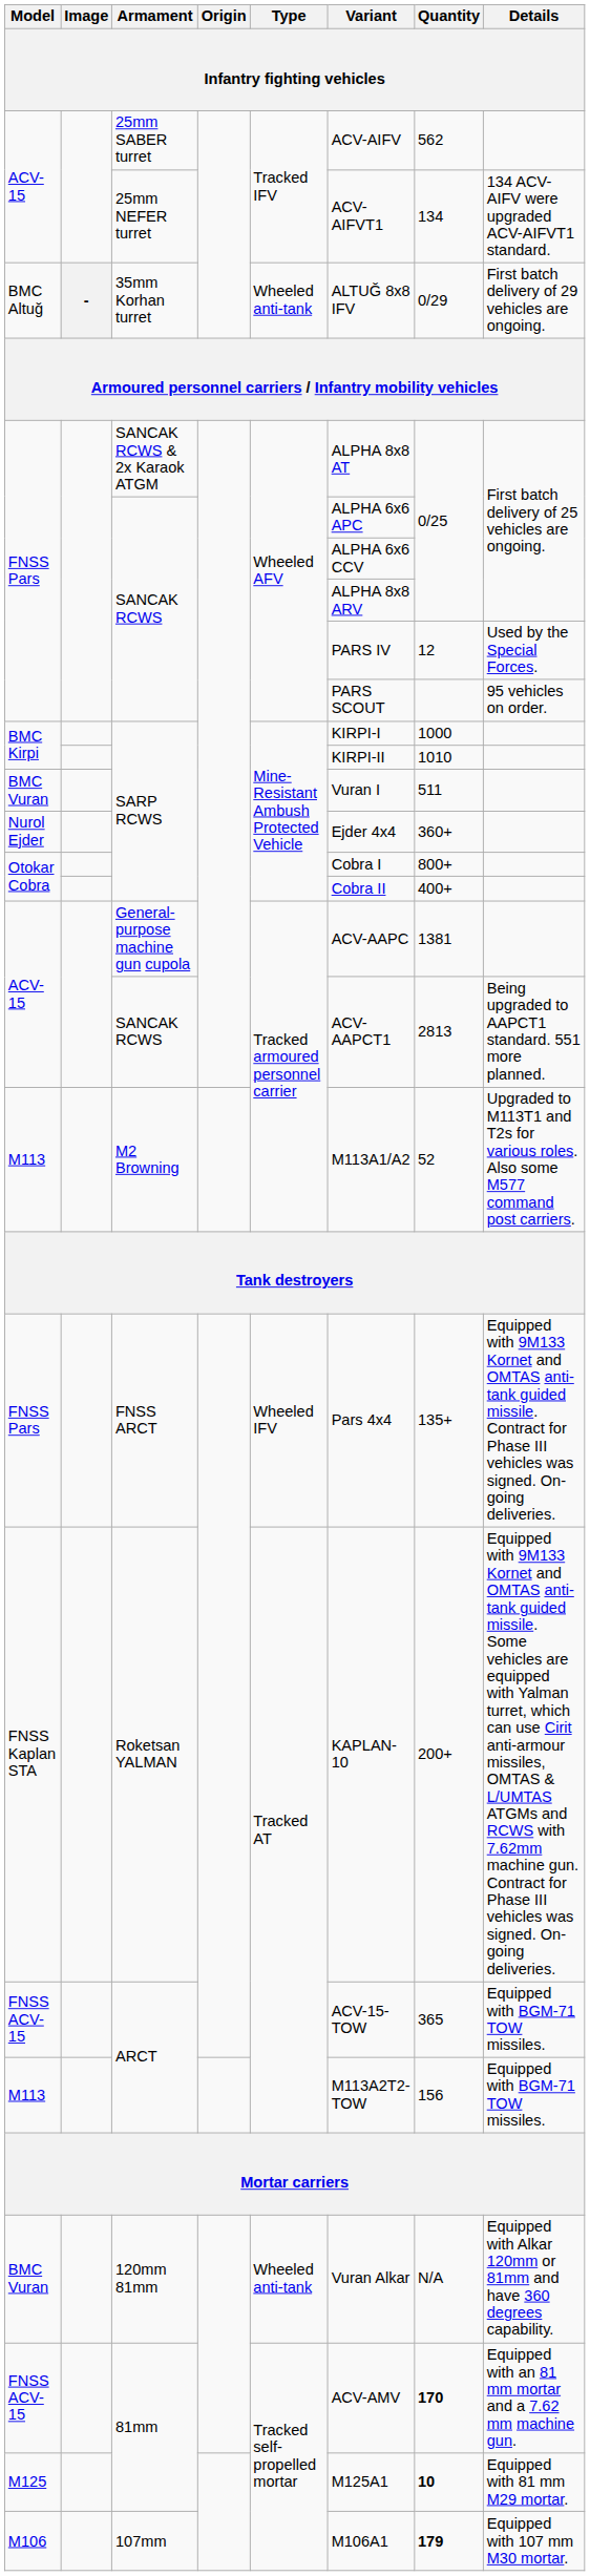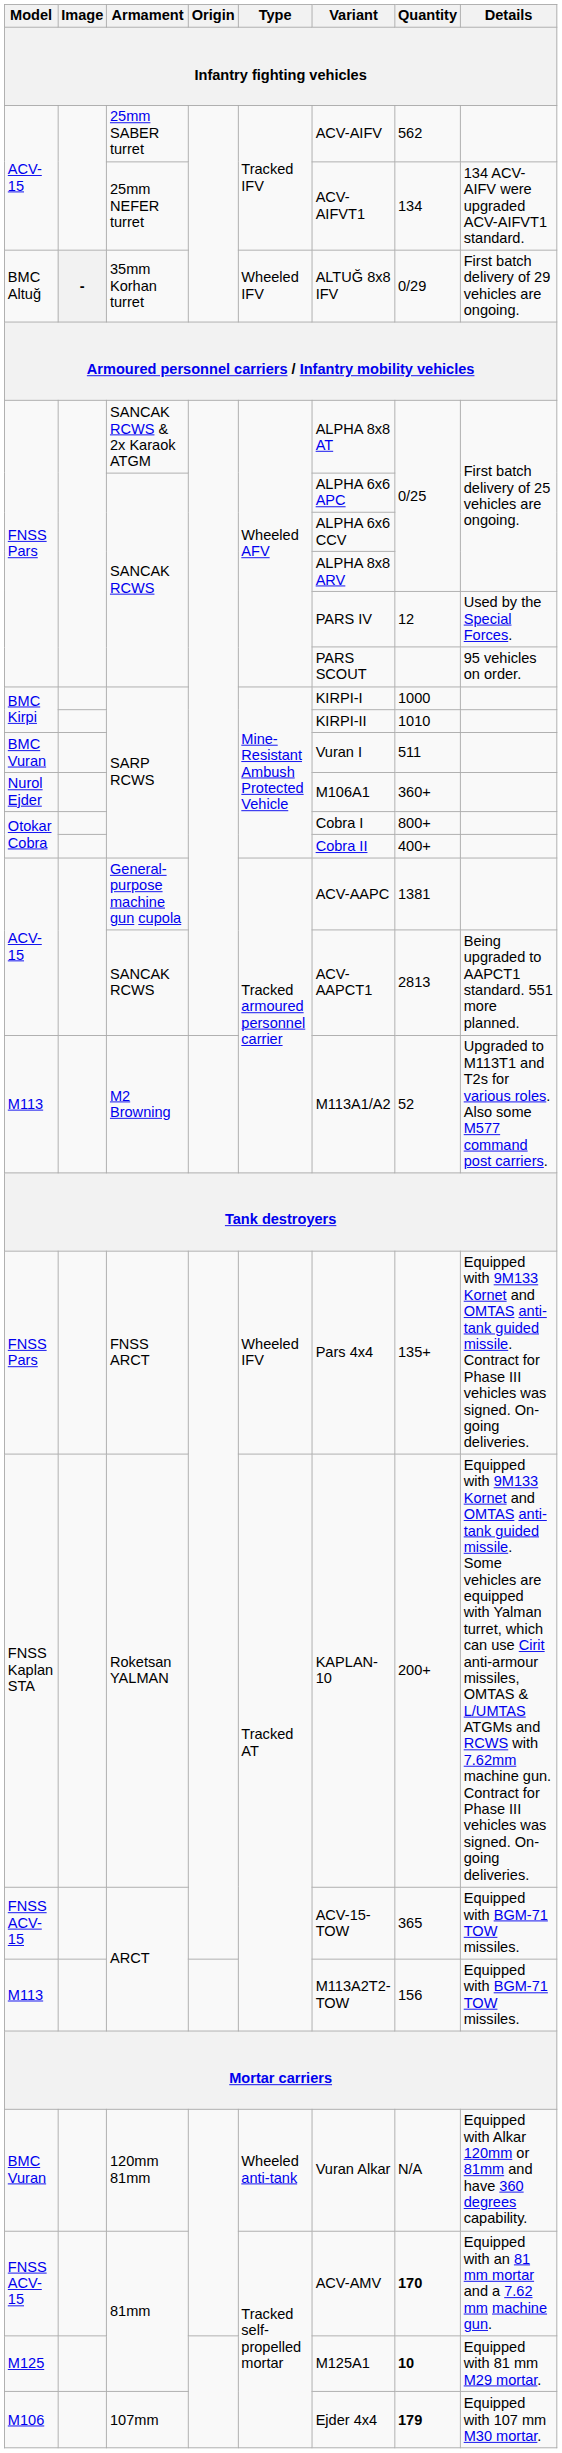 <table class="wikitable">
 <tr>
 <th>Model</th>
 <th>Image</th>
 <th>Armament</th>
 <th>Origin</th>
 <th>Type</th>
 <th>Variant</th>
 <th>Quantity</th>
 <th>Details</th>
 </tr>
 <tr>
 <th colspan="8"><br><h4>Infantry fighting vehicles</h4></th>
 </tr>
 <tr>
 <td rowspan="2"><a href='#'>ACV-15</a></td>
 <td rowspan="2"></td>
 <td><a href='#'>25mm</a> SABER turret</td>
 <td rowspan="3"></td>
 <td rowspan="2">Tracked IFV</td>
 <td>ACV-AIFV</td>
 <td>562</td>
 <td></td>
 </tr>
 <tr>
 <td>25mm NEFER turret</td>
 <td>ACV-AIFVT1</td>
 <td>134</td>
 <td>134 ACV-AIFV were upgraded ACV-AIFVT1 standard.</td>
 </tr>
 <tr>
 <td>BMC Altuğ</td>
 <th>-</th>
 <td>35mm Korhan turret</td>
-<td>Wheeled <a href='#'>anti-tank</a></td>
+<td>Wheeled IFV</td>
 <td>ALTUĞ 8x8 IFV</td>
 <td>0/29</td>
 <td>First batch delivery of 29 vehicles are ongoing.</td>
 </tr>
 <tr>
 <th colspan="8"><br><h4><a href='#'>Armoured personnel carriers</a> / <a href='#'>Infantry mobility vehicles</a></h4></th>
 </tr>
 <tr>
 <td rowspan="6"><a href='#'>FNSS Pars</a></td>
 <td rowspan="6"><br></td>
 <td>SANCAK <a href='#'>RCWS</a> & 2x Karaok ATGM</td>
 <td rowspan="14"></td>
 <td rowspan="6">Wheeled <a href='#'>AFV</a></td>
 <td>ALPHA 8x8 <a href='#'>AT</a></td>
 <td rowspan="4">0/25</td>
 <td rowspan="4">First batch delivery of 25 vehicles are ongoing.</td>
 </tr>
 <tr>
 <td rowspan="5">SANCAK <a href='#'>RCWS</a></td>
 <td>ALPHA 6x6 <a href='#'>APC</a></td>
 </tr>
 <tr>
 <td>ALPHA 6x6 CCV</td>
 </tr>
 <tr>
 <td>ALPHA 8x8 <a href='#'>ARV</a></td>
 </tr>
 <tr>
 <td>PARS IV</td>
 <td>12</td>
 <td>Used by the <a href='#'>Special Forces</a>.</td>
 </tr>
 <tr>
 <td>PARS SCOUT</td>
 <td></td>
 <td>95 vehicles on order.</td>
 </tr>
 <tr>
 <td rowspan="2"><a href='#'>BMC Kirpi</a></td>
 <td></td>
 <td rowspan="6">SARP RCWS</td>
 <td rowspan="6"><a href='#'>Mine-Resistant Ambush Protected Vehicle</a></td>
 <td>KIRPI-I</td>
 <td>1000</td>
 <td></td>
 </tr>
 <tr>
 <td></td>
 <td>KIRPI-II</td>
 <td>1010</td>
 <td></td>
 </tr>
 <tr>
 <td><a href='#'>BMC Vuran</a></td>
 <td></td>
 <td>Vuran I</td>
 <td>511</td>
 <td></td>
 </tr>
 <tr>
 <td><a href='#'>Nurol Ejder</a></td>
 <td></td>
-<td>Ejder 4x4</td>
+<td>M106A1</td>
 <td>360+</td>
 <td></td>
 </tr>
 <tr>
 <td rowspan="2"><a href='#'>Otokar Cobra</a></td>
 <td></td>
 <td>Cobra I</td>
 <td>800+</td>
 <td></td>
 </tr>
 <tr>
 <td></td>
 <td><a href='#'>Cobra II</a></td>
 <td>400+</td>
 <td></td>
 </tr>
 <tr>
 <td rowspan="2"><a href='#'>ACV-15</a></td>
 <td rowspan="2"></td>
 <td><a href='#'>General-purpose machine gun</a> <a href='#'>cupola</a></td>
 <td rowspan="3">Tracked <a href='#'>armoured personnel carrier</a></td>
 <td>ACV-AAPC</td>
 <td>1381</td>
 <td></td>
 </tr>
 <tr>
 <td>SANCAK RCWS</td>
 <td>ACV-AAPCT1</td>
 <td>2813</td>
 <td>Being upgraded to AAPCT1 standard. 551 more planned.</td>
 </tr>
 <tr>
 <td><a href='#'>M113</a></td>
 <td></td>
 <td><a href='#'>M2 Browning</a></td>
 <td></td>
 <td>M113A1/A2</td>
 <td>52</td>
 <td>Upgraded to M113T1 and T2s for <a href='#'>various roles</a>. Also some <a href='#'>M577 command post carriers</a>.</td>
 </tr>
 <tr>
 <th colspan="8" style="align: center;"><br><h4><a href='#'>Tank destroyers</a></h4></th>
 </tr>
 <tr>
 <td><a href='#'>FNSS Pars</a></td>
 <td></td>
 <td>FNSS ARCT</td>
 <td rowspan="3"></td>
 <td>Wheeled IFV</td>
 <td>Pars 4x4</td>
 <td>135+</td>
 <td>Equipped with <a href='#'>9M133 Kornet</a> and <a href='#'>OMTAS</a> <a href='#'>anti-tank guided missile</a>. Contract for Phase III vehicles was signed. On-going deliveries.</td>
 </tr>
 <tr>
 <td>FNSS Kaplan STA</td>
 <td></td>
 <td>Roketsan YALMAN</td>
 <td rowspan="3">Tracked AT</td>
 <td>KAPLAN-10</td>
 <td>200+</td>
 <td>Equipped with <a href='#'>9M133 Kornet</a> and <a href='#'>OMTAS</a> <a href='#'>anti-tank guided missile</a>.<br>Some vehicles are equipped with Yalman turret, which can use <a href='#'>Cirit</a> anti-armour missiles, OMTAS & <a href='#'>L/UMTAS</a> ATGMs and <a href='#'>RCWS</a> with <a href='#'>7.62mm</a> machine gun. Contract for Phase III vehicles was signed. On-going deliveries.</td>
 </tr>
 <tr>
 <td><a href='#'>FNSS ACV-15</a></td>
 <td></td>
 <td rowspan="2">ARCT</td>
 <td>ACV-15-TOW</td>
 <td>365</td>
 <td>Equipped with <a href='#'>BGM-71 TOW</a> missiles.</td>
 </tr>
 <tr>
 <td><a href='#'>M113</a></td>
 <td></td>
 <td><br></td>
 <td>M113A2T2-TOW</td>
 <td>156</td>
 <td>Equipped with <a href='#'>BGM-71 TOW</a> missiles.</td>
 </tr>
 <tr>
 <th colspan="8"><br><h4><a href='#'>Mortar carriers</a></h4></th>
 </tr>
 <tr>
 <td><a href='#'>BMC Vuran</a></td>
 <td></td>
 <td>120mm<br>81mm</td>
 <td rowspan="2"></td>
 <td>Wheeled <a href='#'>anti-tank</a></td>
 <td>Vuran Alkar</td>
 <td>N/A</td>
 <td>Equipped with Alkar <a href='#'>120mm</a> or <a href='#'>81mm</a> and have <a href='#'>360 degrees</a> capability.</td>
 </tr>
 <tr>
 <td><a href='#'>FNSS ACV-15</a></td>
 <td></td>
 <td rowspan="2">81mm</td>
 <td rowspan="3">Tracked self-propelled mortar</td>
 <td>ACV-AMV</td>
 <td><strong>170</strong></td>
 <td>Equipped with an <a href='#'>81 mm mortar</a> and a <a href='#'>7.62 mm</a> <a href='#'>machine gun</a>.</td>
 </tr>
 <tr>
 <td><a href='#'>M125</a></td>
 <td></td>
 <td rowspan="2"></td>
 <td>M125A1</td>
 <td><strong>10</strong></td>
 <td>Equipped with 81 mm <a href='#'>M29 mortar</a>.</td>
 </tr>
 <tr>
 <td><a href='#'>M106</a></td>
 <td></td>
 <td>107mm</td>
-<td>M106A1</td>
+<td>Ejder 4x4</td>
 <td><strong>179</strong></td>
 <td>Equipped with 107 mm <a href='#'>M30 mortar</a>.</td>
 </tr>
 </table>
